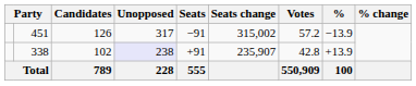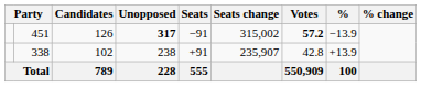 <table class="wikitable sortable">
 <tr>
 <th colspan=2>Party</th>
 <th>Candidates</th>
 <th>Unopposed</th>
 <th>Seats</th>
 <th>Seats change</th>
 <th>Votes</th>
 <th>%</th>
 <th>% change</th>
 </tr>
 <tr>
 <td></td>
 <td align=right>451</td>
 <td align=right>126</td>
-<td align=right>317</td>
+<td align=right><strong>317</strong></td>
 <td align=right>−91</td>
 <td align=right>315,002</td>
-<td align=right>57.2</td>
+<td align=right><strong>57.2</strong></td>
 <td align=right>−13.9</td>
 </tr>
 <tr>
 <td></td>
 <td align=right>338</td>
 <td align=right>102</td>
-<td align=right style="background: lavender;">238</td>
+<td align=right>238</td>
 <td align=right>+91</td>
 <td align=right>235,907</td>
 <td align=right>42.8</td>
 <td align=right>+13.9</td>
 </tr>
 <tr class="sortbottom" style="font-weight: bold; text-align: right; background: #f2f2f2;">
 <th colspan="2" style="padding-left: 1.5em; text-align: left;">Total</th>
 <td align=right>789</td>
 <td align=right>228</td>
 <td align=right>555</td>
 <td align=right></td>
 <td align=right>550,909</td>
 <td align=right>100</td>
 <td align=right></td>
 </tr>
 </table>
